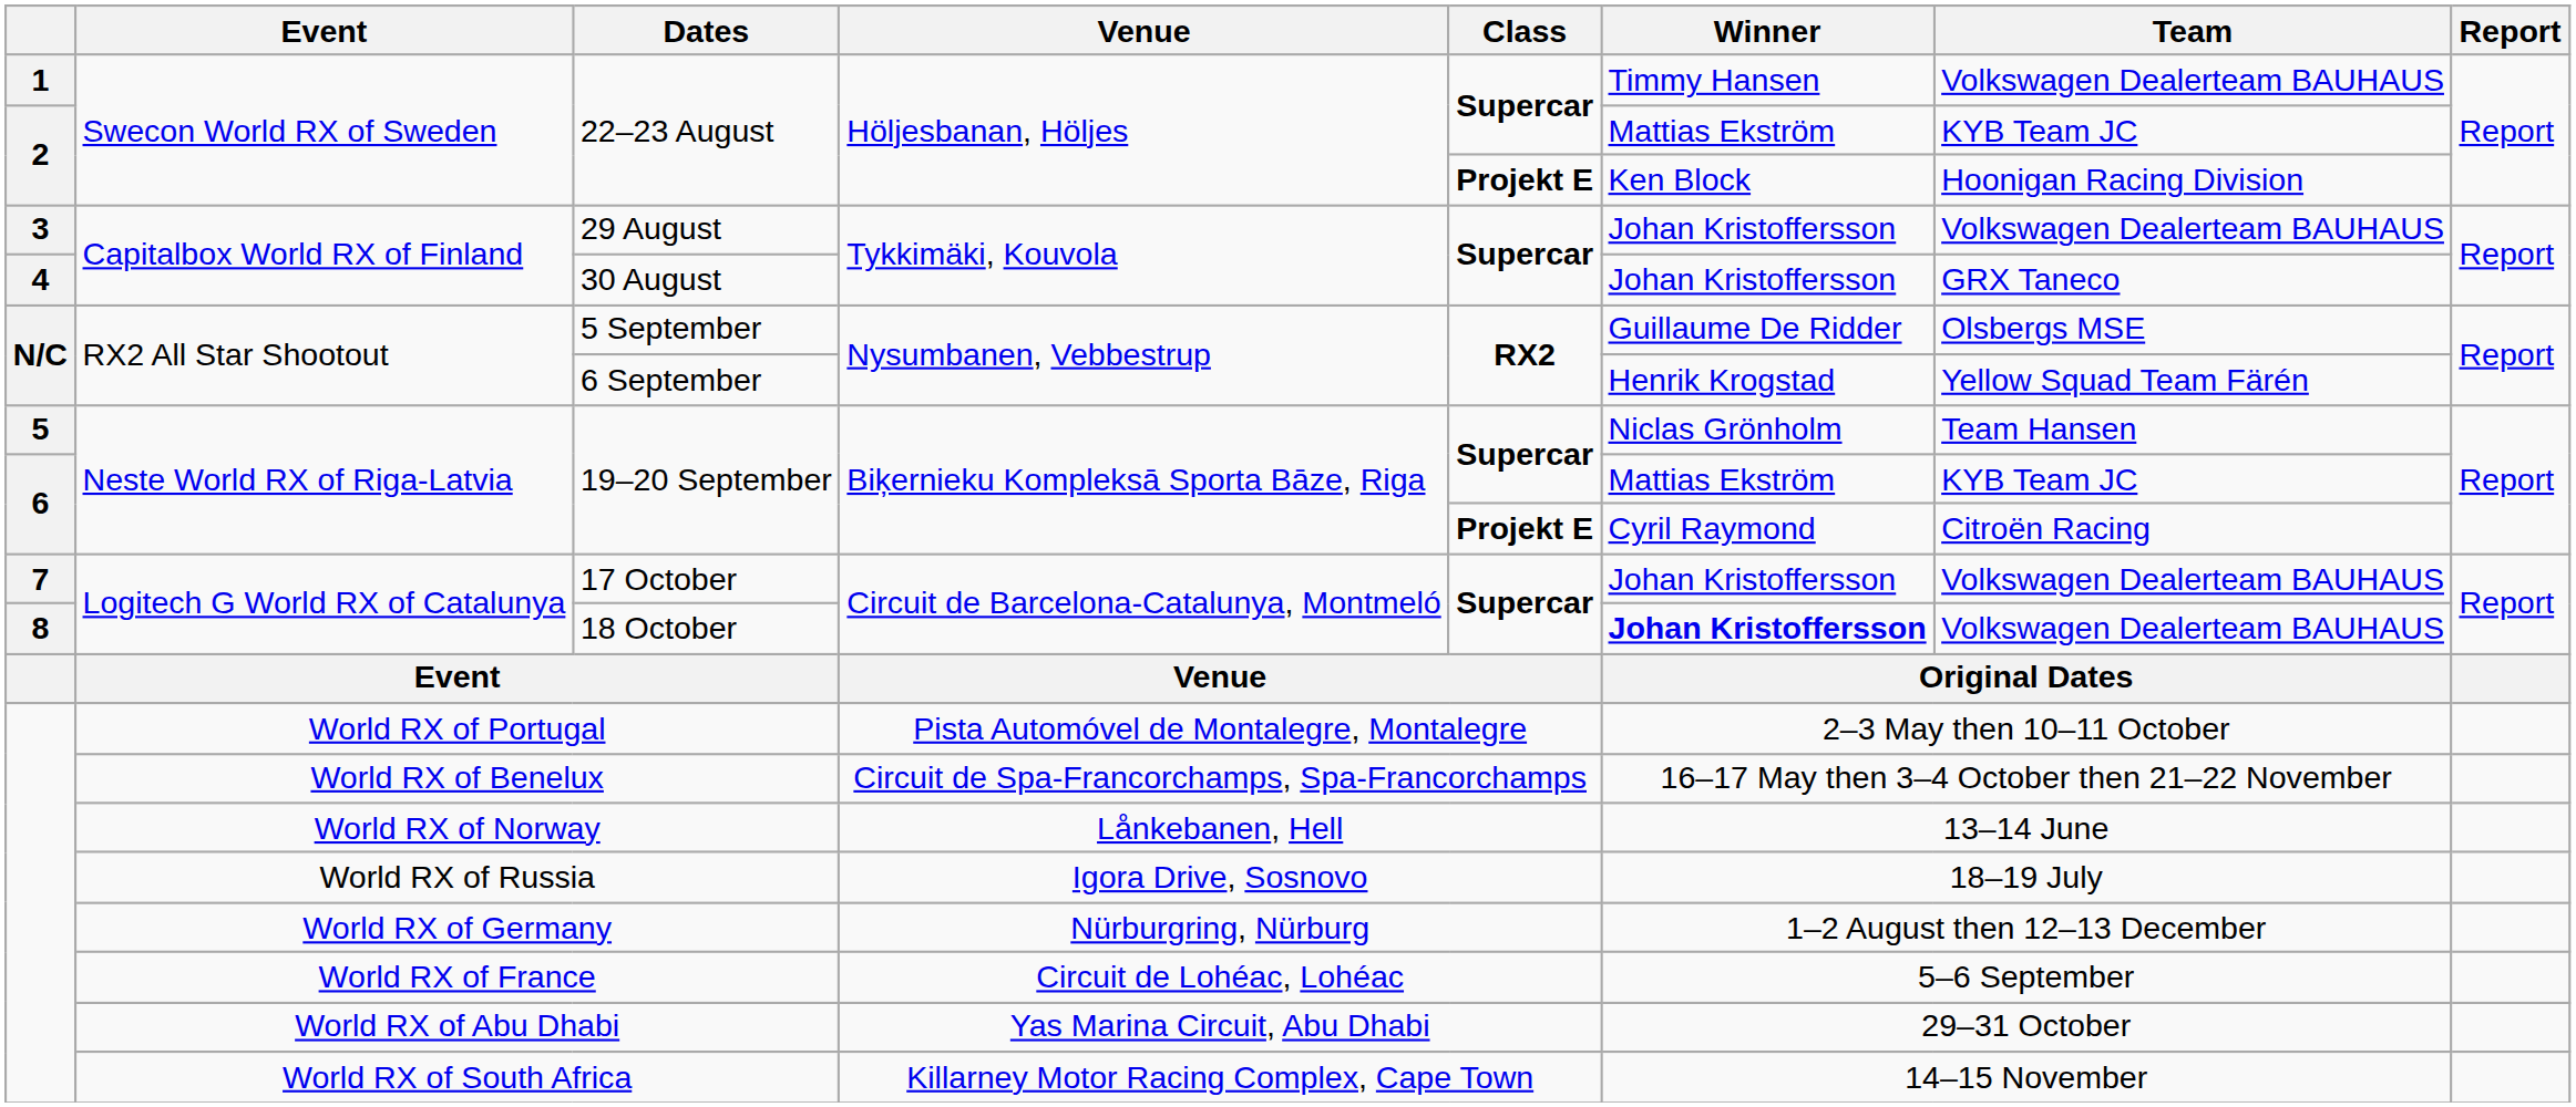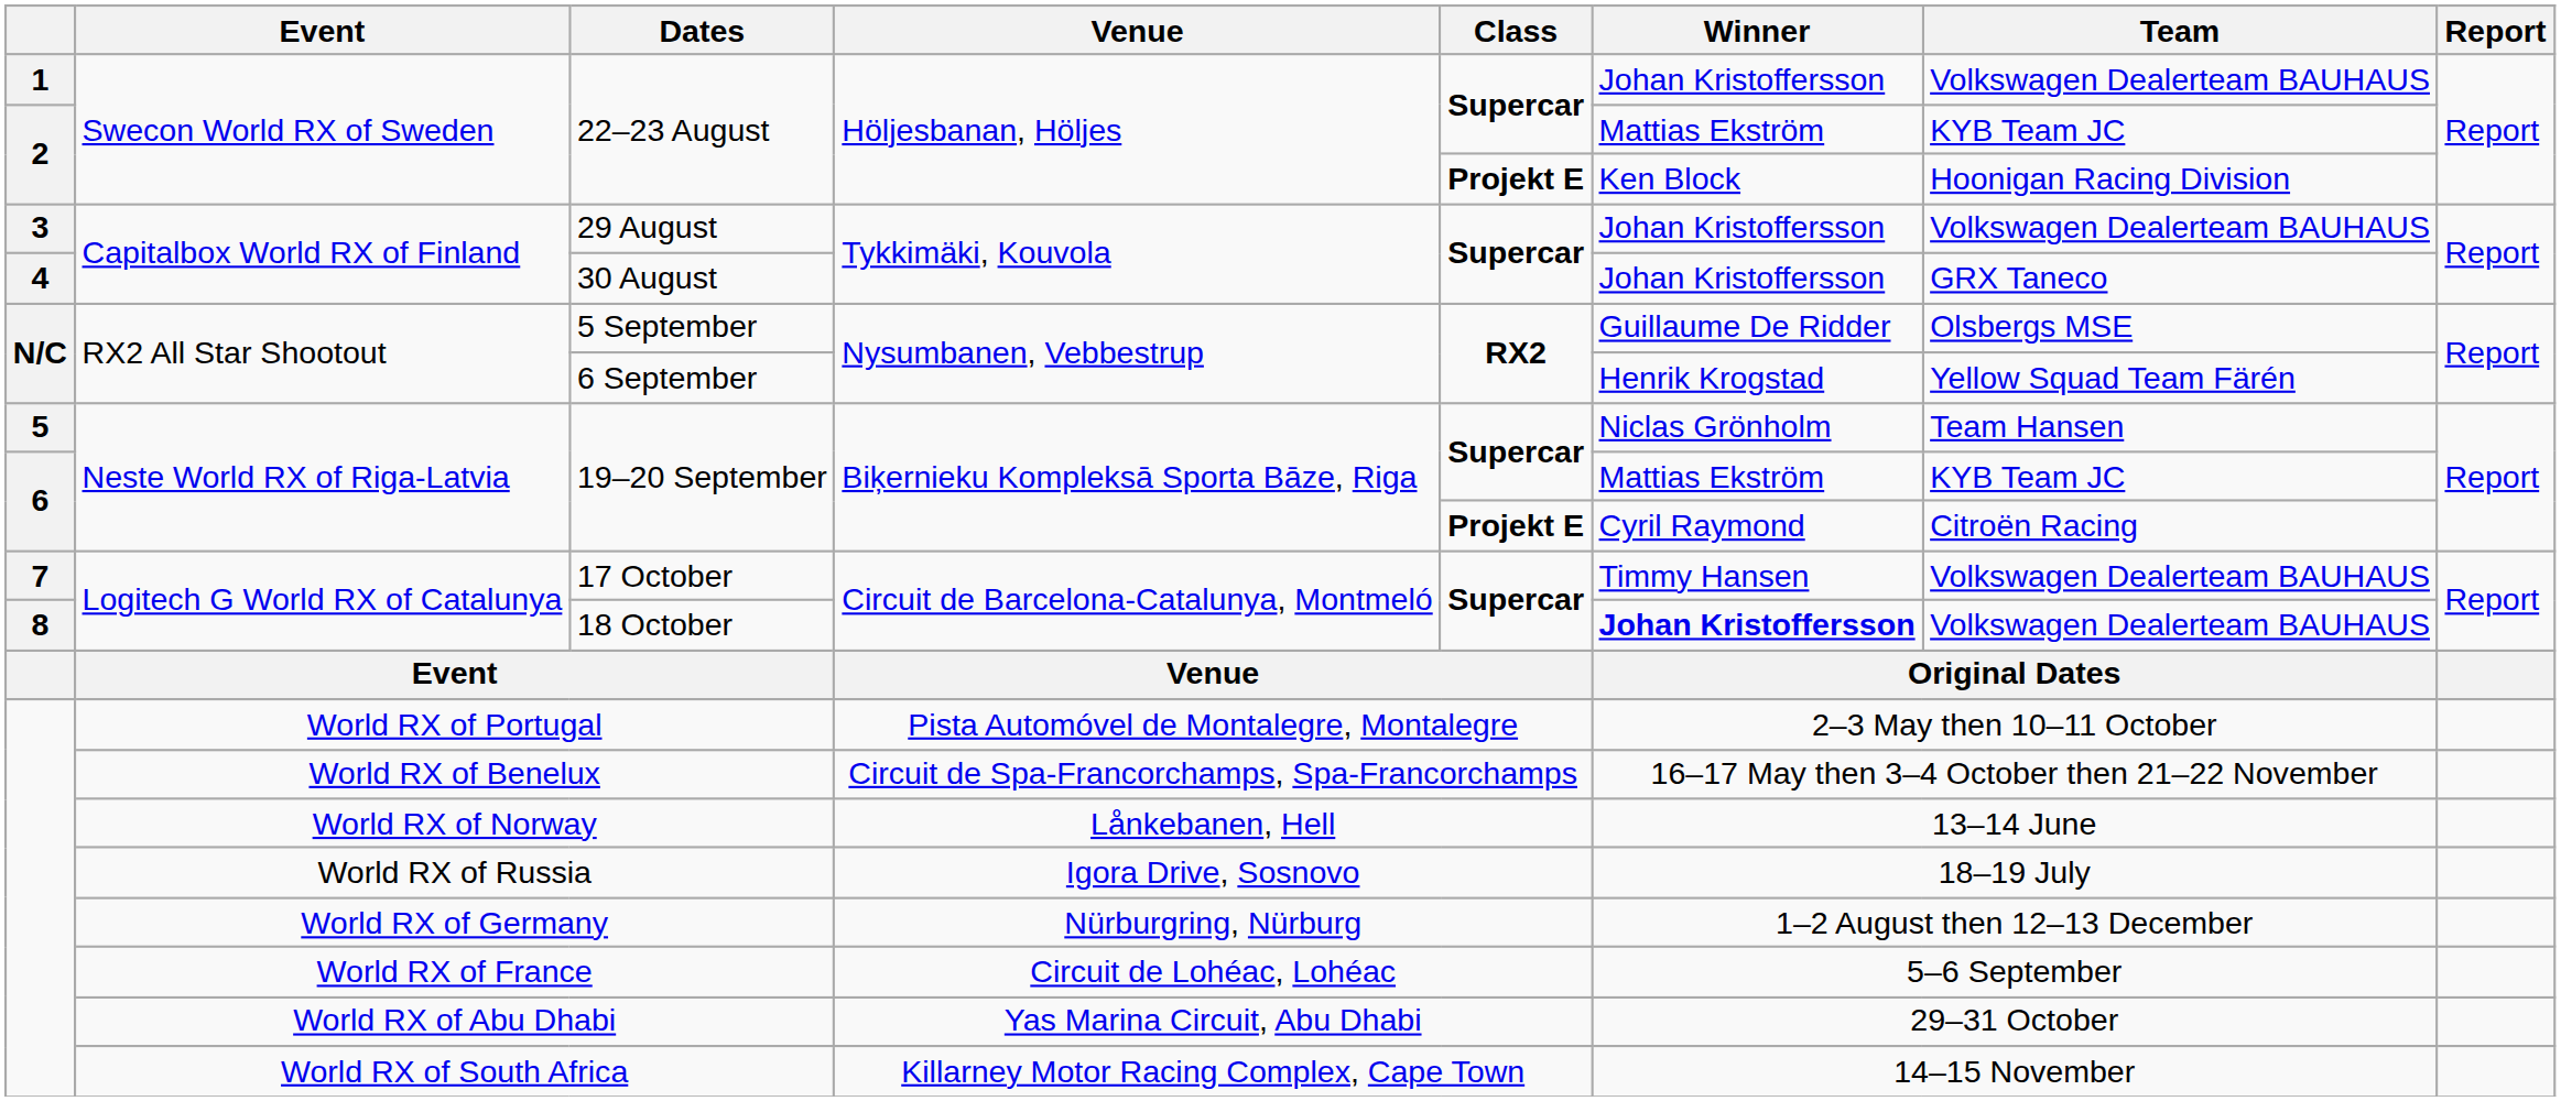 <table class="wikitable" style="font-size:85%;">
 <tr>
 <th></th>
 <th>Event</th>
 <th>Dates</th>
 <th>Venue</th>
 <th>Class</th>
 <th>Winner</th>
 <th>Team</th>
 <th>Report</th>
 </tr>
 <tr>
 <th>1</th>
 <td rowspan="3"> <a href='#'>Swecon World RX of Sweden</a></td>
 <td rowspan="3">22–23 August</td>
 <td rowspan="3"><a href='#'>Höljesbanan</a>, <a href='#'>Höljes</a></td>
 <td rowspan=2 align=center><strong><span>Supercar</span></strong></td>
-<td> <a href='#'>Timmy Hansen</a></td>
+<td> <a href='#'>Johan Kristoffersson</a></td>
 <td> <a href='#'>Volkswagen Dealerteam BAUHAUS</a></td>
 <td rowspan="3"><a href='#'>Report</a></td>
 </tr>
 <tr>
 <th rowspan=2>2</th>
 <td> <a href='#'>Mattias Ekström</a></td>
 <td> <a href='#'>KYB Team JC</a></td>
 </tr>
 <tr>
 <td align="center"><strong><span>Projekt E</span></strong></td>
 <td> <a href='#'>Ken Block</a></td>
 <td> <a href='#'>Hoonigan Racing Division</a></td>
 </tr>
 <tr>
 <th>3</th>
 <td rowspan="2"> <a href='#'>Capitalbox World RX of Finland</a></td>
 <td>29 August</td>
 <td rowspan="2"><a href='#'>Tykkimäki</a>, <a href='#'>Kouvola</a></td>
 <td rowspan="2"><strong><span>Supercar</span></strong></td>
 <td> <a href='#'>Johan Kristoffersson</a></td>
 <td> <a href='#'>Volkswagen Dealerteam BAUHAUS</a></td>
 <td rowspan="2"><a href='#'>Report</a></td>
 </tr>
 <tr>
 <th>4</th>
 <td>30 August</td>
 <td> <a href='#'>Johan Kristoffersson</a></td>
 <td> <a href='#'>GRX Taneco</a></td>
 </tr>
 <tr>
 <th rowspan=2>N/C</th>
 <td rowspan=2> RX2 All Star Shootout</td>
 <td>5 September</td>
 <td rowspan=2><a href='#'>Nysumbanen</a>, <a href='#'>Vebbestrup</a></td>
 <td rowspan=2 align=center><strong><span>RX2</span></strong></td>
 <td> <a href='#'>Guillaume De Ridder</a></td>
 <td> <a href='#'>Olsbergs MSE</a></td>
 <td rowspan="2"><a href='#'>Report</a></td>
 </tr>
 <tr>
 <td>6 September</td>
 <td> <a href='#'>Henrik Krogstad</a></td>
 <td> <a href='#'>Yellow Squad Team Färén</a></td>
 </tr>
 <tr>
 <th>5</th>
 <td rowspan="3"> <a href='#'>Neste World RX of Riga-Latvia</a></td>
 <td rowspan="3" nowrap="">19–20 September</td>
 <td rowspan="3"><a href='#'>Biķernieku Kompleksā Sporta Bāze</a>, <a href='#'>Riga</a></td>
 <td rowspan=2 align="center"><strong><span>Supercar</span></strong></td>
 <td> <a href='#'>Niclas Grönholm</a></td>
 <td> <a href='#'>Team Hansen</a></td>
 <td rowspan="3"><a href='#'>Report</a></td>
 </tr>
 <tr>
 <th rowspan=2>6</th>
 <td> <a href='#'>Mattias Ekström</a></td>
 <td> <a href='#'>KYB Team JC</a></td>
 </tr>
 <tr>
 <td align=center><strong><span>Projekt E</span></strong></td>
 <td> <a href='#'>Cyril Raymond</a></td>
 <td> <a href='#'>Citroën Racing</a></td>
 </tr>
 <tr>
 <th>7</th>
 <td rowspan=2 nowrap> <a href='#'>Logitech G World RX of Catalunya</a></td>
 <td>17 October</td>
 <td rowspan=2 nowrap><a href='#'>Circuit de Barcelona-Catalunya</a>, <a href='#'>Montmeló</a></td>
 <td rowspan=2 align=center><strong><span>Supercar</span></strong></td>
-<td> <a href='#'>Johan Kristoffersson</a></td>
+<td> <a href='#'>Timmy Hansen</a></td>
 <td> <a href='#'>Volkswagen Dealerteam BAUHAUS</a></td>
 <td rowspan="2"><a href='#'>Report</a></td>
 </tr>
 <tr>
 <th>8</th>
 <td>18 October</td>
 <td><strong> <a href='#'>Johan Kristoffersson</a></strong></td>
 <td> <a href='#'>Volkswagen Dealerteam BAUHAUS</a></td>
 </tr>
 <tr>
 <th></th>
 <th colspan="2" align =center>Event</th>
 <th colspan="2" align =center>Venue</th>
 <th colspan="2" align =center>Original Dates</th>
 <th></th>
 </tr>
 <tr>
 <td rowspan="8"></td>
 <td colspan="2" align =center> <a href='#'>World RX of Portugal</a></td>
 <td colspan="2" align =center><a href='#'>Pista Automóvel de Montalegre</a>, <a href='#'>Montalegre</a></td>
 <td colspan="2" align =center>2–3 May then 10–11 October</td>
 <td></td>
 </tr>
 <tr>
 <td colspan=2 align=center> <a href='#'>World RX of Benelux</a></td>
 <td colspan=2 align=center nowrap><a href='#'>Circuit de Spa-Francorchamps</a>, <a href='#'>Spa-Francorchamps</a></td>
 <td colspan=2 align=center>16–17 May then 3–4 October then 21–22 November</td>
 <td></td>
 </tr>
 <tr>
 <td colspan="2" align =center> <a href='#'>World RX of Norway</a></td>
 <td colspan="2" align =center><a href='#'>Lånkebanen</a>, <a href='#'>Hell</a></td>
 <td colspan="2" align =center>13–14 June</td>
 <td></td>
 </tr>
 <tr>
 <td colspan="2" align =center> World RX of Russia</td>
 <td colspan="2" align =center><a href='#'>Igora Drive</a>, <a href='#'>Sosnovo</a></td>
 <td colspan="2" align =center>18–19 July</td>
 <td></td>
 </tr>
 <tr>
 <td colspan=2 align=center> <a href='#'>World RX of Germany</a></td>
 <td colspan=2 align=center><a href='#'>Nürburgring</a>, <a href='#'>Nürburg</a></td>
 <td colspan=2 align=center>1–2 August then 12–13 December</td>
 <td></td>
 </tr>
 <tr>
 <td colspan="2" align =center> <a href='#'>World RX of France</a></td>
 <td colspan="2" align =center><a href='#'>Circuit de Lohéac</a>, <a href='#'>Lohéac</a></td>
 <td colspan="2" align =center>5–6 September</td>
 <td></td>
 </tr>
 <tr>
 <td colspan="2" align =center> <a href='#'>World RX of Abu Dhabi</a></td>
 <td colspan="2" align =center><a href='#'>Yas Marina Circuit</a>, <a href='#'>Abu Dhabi</a></td>
 <td colspan="2" align =center>29–31 October</td>
 <td></td>
 </tr>
 <tr>
 <td colspan="2" align =center> <a href='#'>World RX of South Africa</a></td>
 <td colspan="2" align =center><a href='#'>Killarney Motor Racing Complex</a>, <a href='#'>Cape Town</a></td>
 <td colspan="2" align =center>14–15 November</td>
 <td></td>
 </tr>
 </table>
